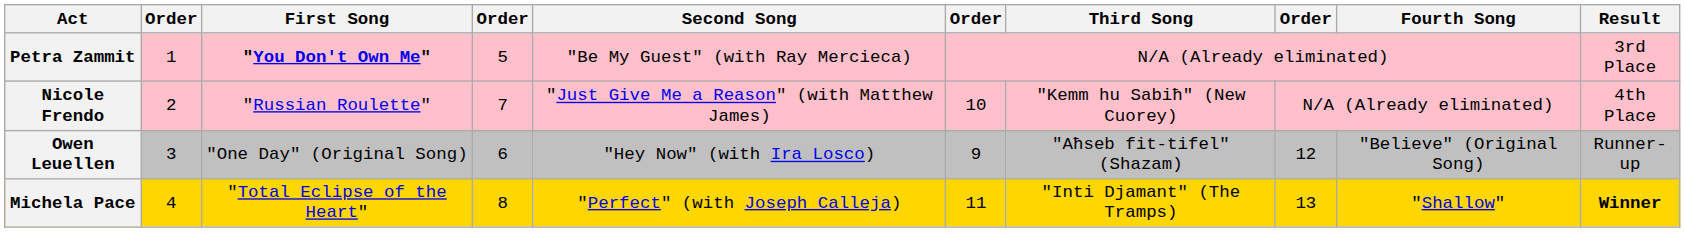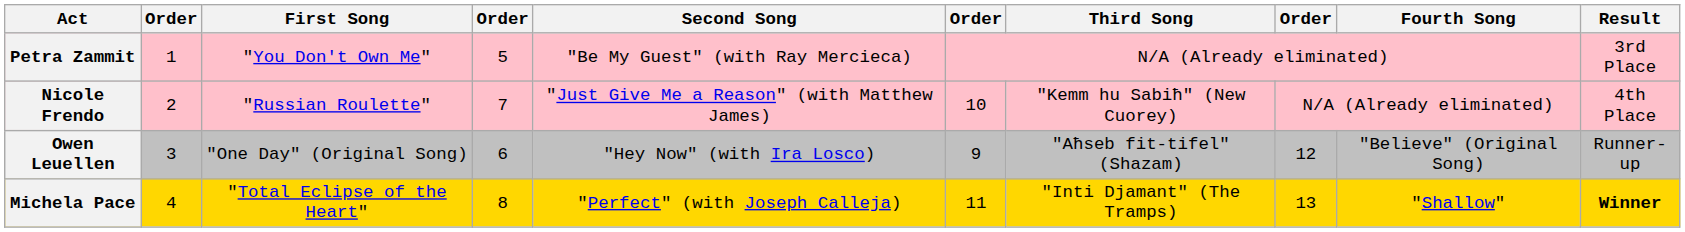 <table class="wikitable plainrowheaders" style="text-align:center;">
 <tr>
 <th>Act</th>
 <th>Order</th>
 <th>First Song</th>
 <th>Order</th>
 <th>Second Song</th>
 <th>Order</th>
 <th>Third Song</th>
 <th>Order</th>
 <th>Fourth Song</th>
 <th>Result</th>
 </tr>
 <tr style="background:pink">
 <th scope="row">Petra Zammit</th>
 <td>1</td>
-<td><strong>"<a href='#'>You Don't Own Me</a>"</strong></td>
+<td>"<a href='#'>You Don't Own Me</a>"</td>
 <td>5</td>
 <td>"Be My Guest" (with Ray Mercieca)</td>
 <td colspan="4">N/A (Already eliminated)</td>
 <td>3rd Place</td>
 </tr>
 <tr style="background:pink">
 <th scope="row">Nicole Frendo</th>
 <td>2</td>
 <td>"<a href='#'>Russian Roulette</a>"</td>
 <td>7</td>
 <td>"<a href='#'>Just Give Me a Reason</a>" (with Matthew James)</td>
 <td>10</td>
 <td>"Kemm hu Sabiħ" (New Cuorey)</td>
 <td colspan="2">N/A (Already eliminated)</td>
 <td>4th Place</td>
 </tr>
 <tr style="background:silver">
 <th scope="row">Owen Leuellen</th>
 <td>3</td>
 <td>"One Day" (Original Song)</td>
 <td>6</td>
 <td>"Hey Now" (with <a href='#'>Ira Losco</a>)</td>
 <td>9</td>
 <td>"Aħseb fit-tifel" (Shazam)</td>
 <td>12</td>
 <td>"Believe" (Original Song)</td>
 <td>Runner-up</td>
 </tr>
 <tr style="background:gold">
 <th scope="row">Michela Pace</th>
 <td>4</td>
 <td>"<a href='#'>Total Eclipse of the Heart</a>"</td>
 <td>8</td>
 <td>"<a href='#'>Perfect</a>" (with <a href='#'>Joseph Calleja</a>)</td>
 <td>11</td>
 <td>"Inti Djamant" (The Tramps)</td>
 <td>13</td>
 <td>"<a href='#'>Shallow</a>"</td>
 <td><strong>Winner</strong></td>
 </tr>
 </table>
